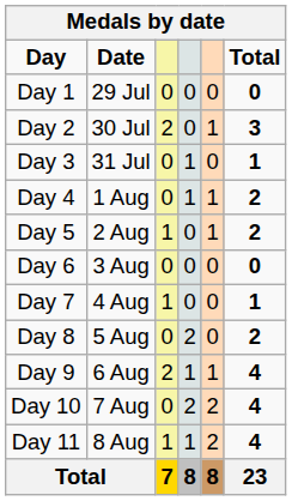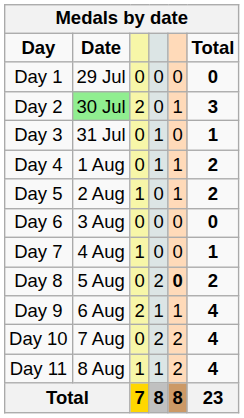 <table class="wikitable" style="font-size:85%;float:left;text-align:center">
 <tr style="background:#efefef;">
 <th colspan=7><strong>Medals by date</strong></th>
 </tr>
 <tr style="text-align:center;">
 <td><strong>Day</strong></td>
 <td><strong>Date</strong></td>
 <td style="background:#F7F6A8;"></td>
 <td style="background:#DCE5E5;"></td>
 <td style="background:#FFDAB9;"></td>
 <td><strong>Total</strong></td>
 </tr>
 <tr style="text-align:center;">
 <td>Day 1</td>
 <td>29 Jul</td>
 <td style="background:#F7F6A8;">0</td>
 <td style="background:#DCE5E5;">0</td>
 <td style="background:#FFDAB9;">0</td>
 <td><strong>0</strong></td>
 </tr>
 <tr style="text-align:center;">
 <td>Day 2</td>
-<td>30 Jul</td>
+<td style="background: lightgreen;">30 Jul</td>
 <td style="background:#F7F6A8;">2</td>
 <td style="background:#DCE5E5;">0</td>
 <td style="background:#FFDAB9;">1</td>
 <td><strong>3</strong></td>
 </tr>
 <tr style="text-align:center;">
 <td>Day 3</td>
 <td>31 Jul</td>
 <td style="background:#F7F6A8;">0</td>
 <td style="background:#DCE5E5;">1</td>
 <td style="background:#FFDAB9;">0</td>
 <td><strong>1</strong></td>
 </tr>
 <tr style="text-align:center;">
 <td>Day 4</td>
 <td>1 Aug</td>
 <td style="background:#F7F6A8;">0</td>
 <td style="background:#DCE5E5;">1</td>
 <td style="background:#FFDAB9;">1</td>
 <td><strong>2</strong></td>
 </tr>
 <tr style="text-align:center;">
 <td>Day 5</td>
 <td>2 Aug</td>
 <td style="background:#F7F6A8;">1</td>
 <td style="background:#DCE5E5;">0</td>
 <td style="background:#FFDAB9;">1</td>
 <td><strong>2</strong></td>
 </tr>
 <tr style="text-align:center;">
 <td>Day 6</td>
 <td>3 Aug</td>
 <td style="background:#F7F6A8;">0</td>
 <td style="background:#DCE5E5;">0</td>
 <td style="background:#FFDAB9;">0</td>
 <td><strong>0</strong></td>
 </tr>
 <tr style="text-align:center;">
 <td>Day 7</td>
 <td>4 Aug</td>
 <td style="background:#F7F6A8;">1</td>
 <td style="background:#DCE5E5;">0</td>
 <td style="background:#FFDAB9;">0</td>
 <td><strong>1</strong></td>
 </tr>
 <tr style="text-align:center;">
 <td>Day 8</td>
 <td>5 Aug</td>
 <td style="background:#F7F6A8;">0</td>
 <td style="background:#DCE5E5;">2</td>
-<td style="background:#FFDAB9;">0</td>
+<td style="background:#FFDAB9;"><strong>0</strong></td>
 <td><strong>2</strong></td>
 </tr>
 <tr style="text-align:center;">
 <td>Day 9</td>
 <td>6 Aug</td>
 <td style="background:#F7F6A8;">2</td>
 <td style="background:#DCE5E5;">1</td>
 <td style="background:#FFDAB9;">1</td>
 <td><strong>4</strong></td>
 </tr>
 <tr style="text-align:center;">
 <td>Day 10</td>
 <td>7 Aug</td>
 <td style="background:#F7F6A8;">0</td>
 <td style="background:#DCE5E5;">2</td>
 <td style="background:#FFDAB9;">2</td>
 <td><strong>4</strong></td>
 </tr>
 <tr style="text-align:center;">
 <td>Day 11</td>
 <td>8 Aug</td>
 <td style="background:#F7F6A8;">1</td>
 <td style="background:#DCE5E5;">1</td>
 <td style="background:#FFDAB9;">2</td>
 <td><strong>4</strong></td>
 </tr>
 <tr>
 <th colspan="2"><strong>Total</strong></th>
 <th style="background:gold;"><strong>7</strong></th>
 <th style="background:silver;"><strong>8</strong></th>
 <th style="background:#c96;"><strong>8</strong></th>
 <th><strong>23</strong></th>
 </tr>
 </table>
